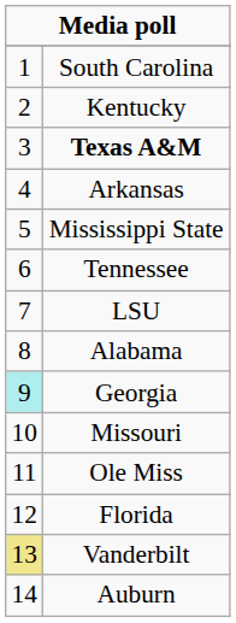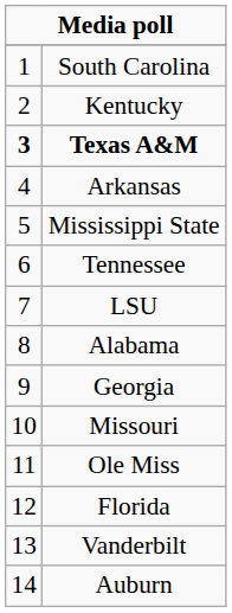 <table class="wikitable">
 <tr align="center">
 <td align="center" Colspan="3"><strong>Media poll</strong></td>
 </tr>
 <tr align="center">
 </tr>
 <tr align="center">
 <td>1</td>
 <td>South Carolina</td>
 </tr>
 <tr align="center">
 <td>2</td>
 <td>Kentucky</td>
 </tr>
 <tr align="center">
-<td>3</td>
+<td><strong>3</strong></td>
 <td><strong>Texas A&M</strong></td>
 </tr>
 <tr align="center">
 <td>4</td>
 <td>Arkansas</td>
 </tr>
 <tr align="center">
 <td>5</td>
 <td>Mississippi State</td>
 </tr>
 <tr align="center">
 <td>6</td>
 <td>Tennessee</td>
 </tr>
 <tr align="center">
 <td>7</td>
 <td>LSU</td>
 </tr>
 <tr align="center">
 <td>8</td>
 <td>Alabama</td>
 </tr>
 <tr align="center">
-<td style="background: paleturquoise;">9</td>
+<td>9</td>
 <td>Georgia</td>
 </tr>
 <tr align="center">
 <td>10</td>
 <td>Missouri</td>
 </tr>
 <tr align="center">
 <td>11</td>
 <td>Ole Miss</td>
 </tr>
 <tr align="center">
 <td>12</td>
 <td>Florida</td>
 </tr>
 <tr align="center">
-<td style="background: khaki;">13</td>
+<td>13</td>
 <td>Vanderbilt</td>
 </tr>
 <tr align="center">
 <td>14</td>
 <td>Auburn</td>
 </tr>
 </table>
